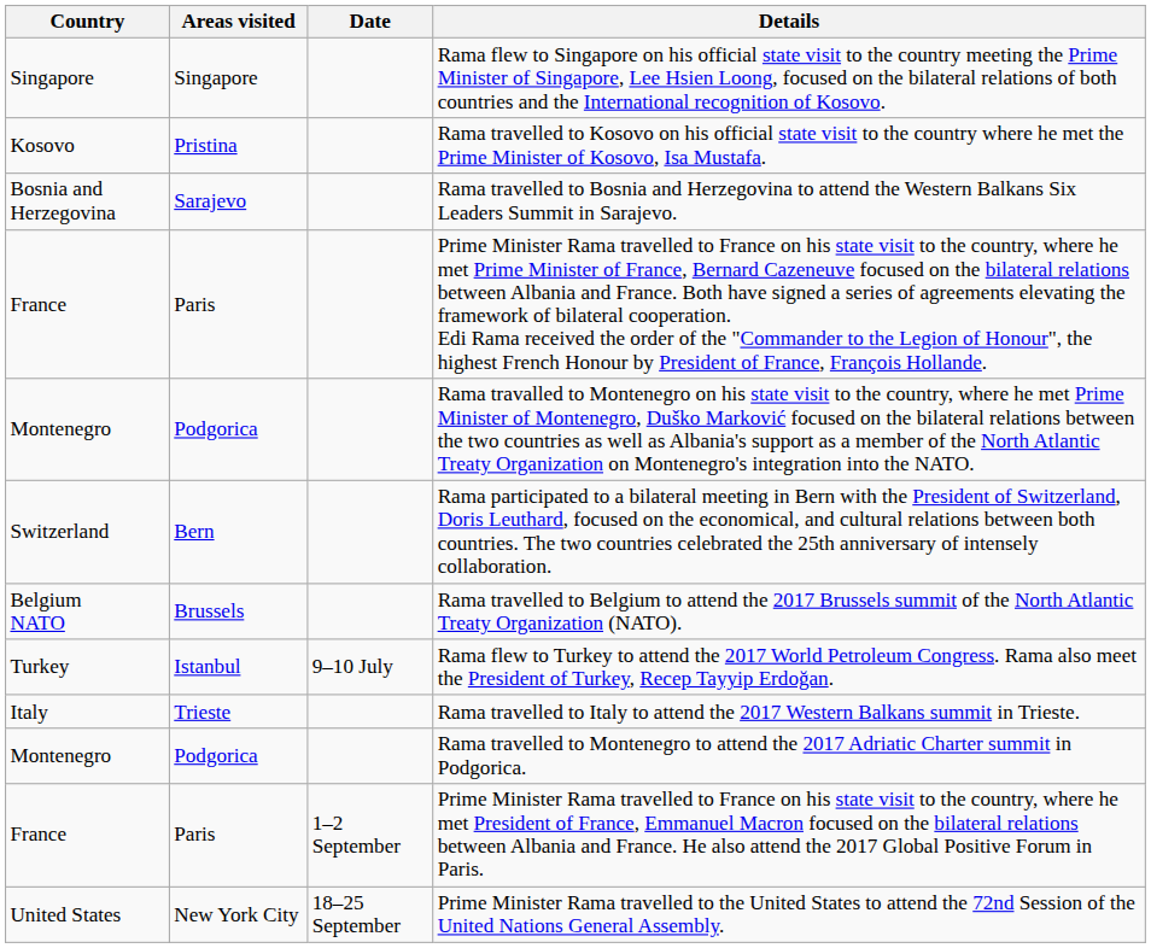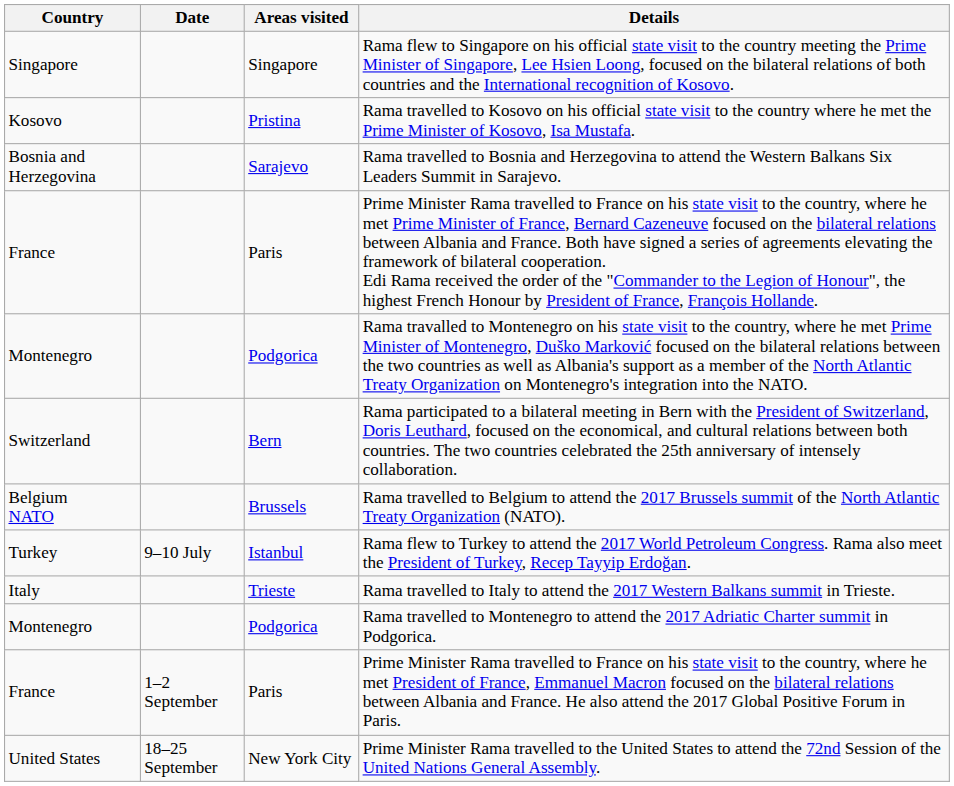 <table class="wikitable sortable outercollapse" style="margin: 1em auto 1em auto">
 <tr>
 <th width=120>Country</th>
+<th width=90>Date</th>
 <th width=100>Areas visited</th>
-<th width=90>Date</th>
 <th width=550>Details</th>
 </tr>
 <tr>
 <td> Singapore</td>
+<td></td>
 <td>Singapore</td>
-<td></td>
 <td>Rama flew to Singapore on his official <a href='#'>state visit</a> to the country meeting the <a href='#'>Prime Minister of Singapore</a>, <a href='#'>Lee Hsien Loong</a>, focused on the bilateral relations of both countries and the <a href='#'>International recognition of Kosovo</a>.</td>
 </tr>
 <tr>
 <td> Kosovo</td>
+<td></td>
 <td><a href='#'>Pristina</a></td>
-<td></td>
 <td>Rama travelled to Kosovo on his official <a href='#'>state visit</a> to the country where he met the <a href='#'>Prime Minister of Kosovo</a>, <a href='#'>Isa Mustafa</a>.</td>
 </tr>
 <tr>
 <td> Bosnia and Herzegovina</td>
+<td></td>
 <td><a href='#'>Sarajevo</a></td>
-<td></td>
 <td>Rama travelled to Bosnia and Herzegovina to attend the Western Balkans Six Leaders Summit in Sarajevo.</td>
 </tr>
 <tr>
 <td> France</td>
+<td></td>
 <td>Paris</td>
-<td></td>
 <td>Prime Minister Rama travelled to France on his <a href='#'>state visit</a> to the country, where he met <a href='#'>Prime Minister of France</a>, <a href='#'>Bernard Cazeneuve</a> focused on the <a href='#'>bilateral relations</a> between Albania and France. Both have signed a series of agreements elevating the framework of bilateral cooperation. <br> Edi Rama received the order of the "<a href='#'>Commander to the Legion of Honour</a>", the highest French Honour by <a href='#'>President of France</a>, <a href='#'>François Hollande</a>.</td>
 </tr>
 <tr>
 <td> Montenegro</td>
+<td></td>
 <td><a href='#'>Podgorica</a></td>
-<td></td>
 <td>Rama travalled to Montenegro on his <a href='#'>state visit</a> to the country, where he met <a href='#'>Prime Minister of Montenegro</a>, <a href='#'>Duško Marković</a> focused on the bilateral relations between the two countries as well as Albania's support as a member of the <a href='#'>North Atlantic Treaty Organization</a> on Montenegro's integration into the NATO.</td>
 </tr>
 <tr>
 <td> Switzerland</td>
+<td></td>
 <td><a href='#'>Bern</a></td>
-<td></td>
 <td>Rama participated to a bilateral meeting in Bern with the <a href='#'>President of Switzerland</a>, <a href='#'>Doris Leuthard</a>, focused on the economical, and cultural relations between both countries. The two countries celebrated the 25th anniversary of intensely collaboration.</td>
 </tr>
 <tr>
 <td> Belgium <br>  <a href='#'>NATO</a></td>
+<td></td>
 <td><a href='#'>Brussels</a></td>
-<td></td>
 <td>Rama travelled to Belgium to attend the <a href='#'>2017 Brussels summit</a> of the <a href='#'>North Atlantic Treaty Organization</a> (NATO).</td>
 </tr>
 <tr>
 <td> Turkey</td>
+<td>9–10 July</td>
 <td><a href='#'>Istanbul</a></td>
-<td>9–10 July</td>
 <td>Rama flew to Turkey to attend the <a href='#'>2017 World Petroleum Congress</a>. Rama also meet the <a href='#'>President of Turkey</a>, <a href='#'>Recep Tayyip Erdoğan</a>.</td>
 </tr>
 <tr>
 <td> Italy</td>
+<td></td>
 <td><a href='#'>Trieste</a></td>
-<td></td>
 <td>Rama travelled to Italy to attend the <a href='#'>2017 Western Balkans summit</a> in Trieste.</td>
 </tr>
 <tr>
 <td> Montenegro</td>
+<td></td>
 <td><a href='#'>Podgorica</a></td>
-<td></td>
 <td>Rama travelled to Montenegro to attend the <a href='#'>2017 Adriatic Charter summit</a> in Podgorica.</td>
 </tr>
 <tr>
 <td> France</td>
+<td>1–2 September</td>
 <td>Paris</td>
-<td>1–2 September</td>
 <td>Prime Minister Rama travelled to France on his <a href='#'>state visit</a> to the country, where he met <a href='#'>President of France</a>, <a href='#'>Emmanuel Macron</a> focused on the <a href='#'>bilateral relations</a> between Albania and France. He also attend the 2017 Global Positive Forum in Paris.</td>
 </tr>
 <tr>
 <td> United States</td>
+<td>18–25 September</td>
 <td>New York City</td>
-<td>18–25 September</td>
 <td>Prime Minister Rama travelled to the United States to attend the <a href='#'>72nd</a> Session of the <a href='#'>United Nations General Assembly</a>.</td>
 </tr>
 </table>
